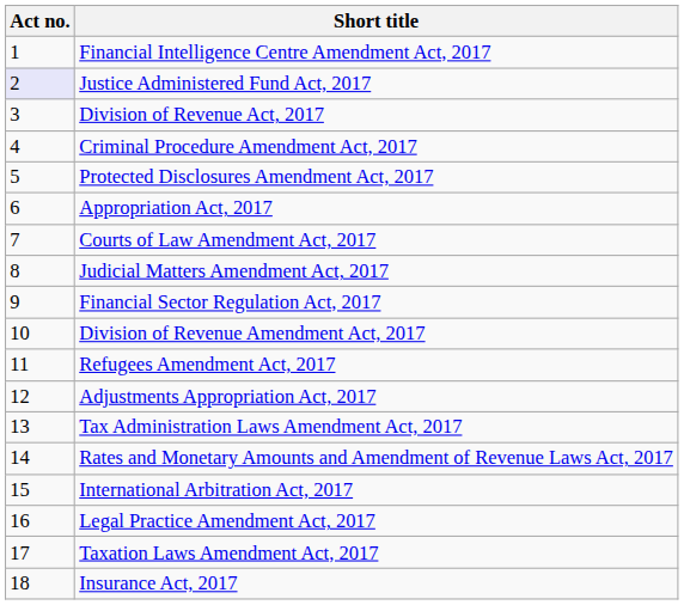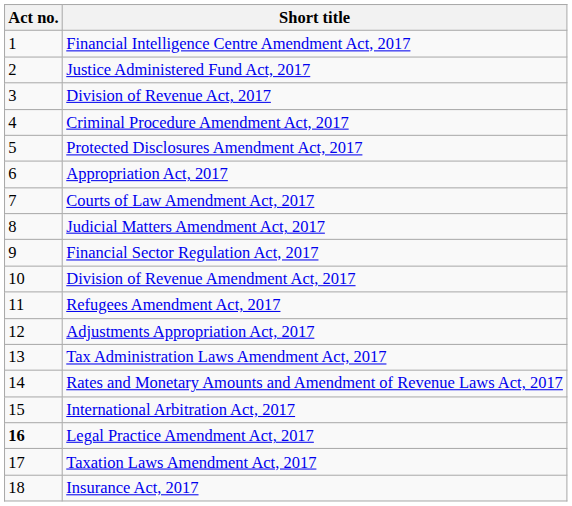 <table class="wikitable sortable">
 <tr>
 <th>Act no.</th>
 <th>Short title</th>
 </tr>
 <tr>
 <td>1</td>
 <td><a href='#'>Financial Intelligence Centre Amendment Act, 2017</a></td>
 </tr>
 <tr>
-<td style="background: lavender;">2</td>
+<td>2</td>
 <td><a href='#'>Justice Administered Fund Act, 2017</a></td>
 </tr>
 <tr>
 <td>3</td>
 <td><a href='#'>Division of Revenue Act, 2017</a></td>
 </tr>
 <tr>
 <td>4</td>
 <td><a href='#'>Criminal Procedure Amendment Act, 2017</a></td>
 </tr>
 <tr>
 <td>5</td>
 <td><a href='#'>Protected Disclosures Amendment Act, 2017</a></td>
 </tr>
 <tr>
 <td>6</td>
 <td><a href='#'>Appropriation Act, 2017</a></td>
 </tr>
 <tr>
 <td>7</td>
 <td><a href='#'>Courts of Law Amendment Act, 2017</a></td>
 </tr>
 <tr>
 <td>8</td>
 <td><a href='#'>Judicial Matters Amendment Act, 2017</a></td>
 </tr>
 <tr>
 <td>9</td>
 <td><a href='#'>Financial Sector Regulation Act, 2017</a></td>
 </tr>
 <tr>
 <td>10</td>
 <td><a href='#'>Division of Revenue Amendment Act, 2017</a></td>
 </tr>
 <tr>
 <td>11</td>
 <td><a href='#'>Refugees Amendment Act, 2017</a></td>
 </tr>
 <tr>
 <td>12</td>
 <td><a href='#'>Adjustments Appropriation Act, 2017</a></td>
 </tr>
 <tr>
 <td>13</td>
 <td><a href='#'>Tax Administration Laws Amendment Act, 2017</a></td>
 </tr>
 <tr>
 <td>14</td>
 <td><a href='#'>Rates and Monetary Amounts and Amendment of Revenue Laws Act, 2017</a></td>
 </tr>
 <tr>
 <td>15</td>
 <td><a href='#'>International Arbitration Act, 2017</a></td>
 </tr>
 <tr>
-<td>16</td>
+<td><strong>16</strong></td>
 <td><a href='#'>Legal Practice Amendment Act, 2017</a></td>
 </tr>
 <tr>
 <td>17</td>
 <td><a href='#'>Taxation Laws Amendment Act, 2017</a></td>
 </tr>
 <tr>
 <td>18</td>
 <td><a href='#'>Insurance Act, 2017</a></td>
 </tr>
 </table>
